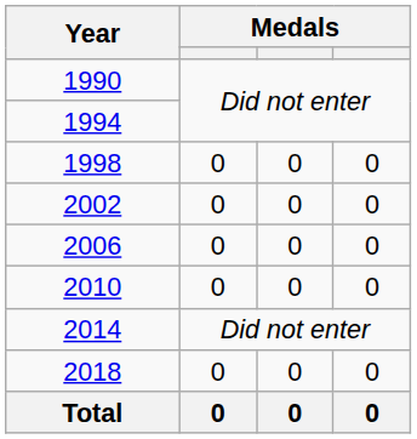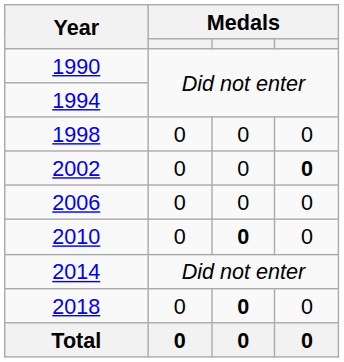 <table class="wikitable" style="text-align: center; font-size:95%;">
 <tr>
 <th rowspan=2 width=30%>Year</th>
 <th colspan=3 width=40%>Medals</th>
 </tr>
 <tr>
 <th !width=10></th>
 <th !width=10></th>
 <th !width=10></th>
 </tr>
 <tr>
 <td> <a href='#'>1990</a></td>
 <td colspan=3 rowspan=2><em>Did not enter</em></td>
 </tr>
 <tr>
 <td> <a href='#'>1994</a></td>
 </tr>
 <tr>
 <td> <a href='#'>1998</a></td>
 <td>0</td>
 <td>0</td>
 <td>0</td>
 </tr>
 <tr>
 <td> <a href='#'>2002</a></td>
 <td>0</td>
 <td>0</td>
-<td>0</td>
+<td><strong>0</strong></td>
 </tr>
 <tr>
 <td> <a href='#'>2006</a></td>
 <td>0</td>
 <td>0</td>
 <td>0</td>
 </tr>
 <tr>
 <td> <a href='#'>2010</a></td>
 <td>0</td>
-<td>0</td>
+<td><strong>0</strong></td>
 <td>0</td>
 </tr>
 <tr>
 <td> <a href='#'>2014</a></td>
 <td colspan=3><em>Did not enter</em></td>
 </tr>
 <tr>
 <td> <a href='#'>2018</a></td>
 <td>0</td>
-<td>0</td>
+<td><strong>0</strong></td>
 <td>0</td>
 </tr>
 <tr>
 <th>Total</th>
 <th>0</th>
 <th>0</th>
 <th>0</th>
 </tr>
 </table>
